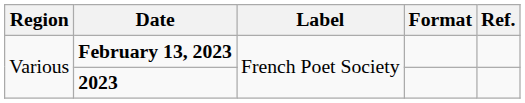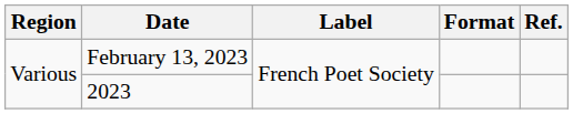 <table class=wikitable>
 <tr>
 <th>Region</th>
 <th>Date</th>
 <th>Label</th>
 <th>Format</th>
 <th>Ref.</th>
 </tr>
 <tr>
 <td rowspan="2">Various</td>
-<td><strong>February 13, 2023</strong></td>
+<td>February 13, 2023</td>
 <td rowspan="2">French Poet Society</td>
 <td></td>
 <td></td>
 </tr>
 <tr>
-<td><strong>2023</strong></td>
+<td>2023</td>
 <td></td>
 <td></td>
 </tr>
 </table>
